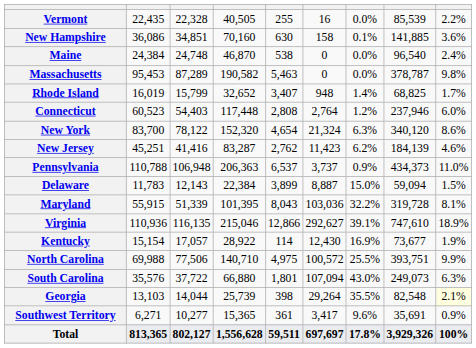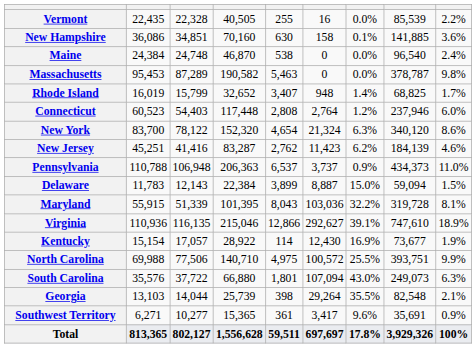 <table class="wikitable sortable" style="text-align:center;">
 <tr>
 <th scope="col" style="width:10em;"></th>
 <th scope="col"></th>
 <th scope="col"></th>
 <th scope="col"></th>
 <th scope="col"></th>
 <th scope="col" data-sort-type="number"></th>
 <th scope="col" data-sort-type="number"></th>
 <th scope="col" data-sort-type="number"></th>
 <th scope="col" data-sort-type="number"></th>
 </tr>
 <tr>
 <th scope="row"><a href='#'>Vermont</a></th>
 <td>22,435</td>
 <td>22,328</td>
 <td>40,505</td>
 <td>255</td>
 <td>16</td>
 <td>0.0%</td>
 <td>85,539</td>
 <td>2.2%</td>
 </tr>
 <tr>
 <th scope="row"><a href='#'>New Hampshire</a></th>
 <td>36,086</td>
 <td>34,851</td>
 <td>70,160</td>
 <td>630</td>
 <td>158</td>
 <td>0.1%</td>
 <td>141,885</td>
 <td>3.6%</td>
 </tr>
 <tr>
 <th scope="row"><a href='#'>Maine</a></th>
 <td>24,384</td>
 <td>24,748</td>
 <td>46,870</td>
 <td>538</td>
 <td>0</td>
 <td>0.0%</td>
 <td>96,540</td>
 <td>2.4%</td>
 </tr>
 <tr>
 <th scope="row"><a href='#'>Massachusetts</a></th>
 <td>95,453</td>
 <td>87,289</td>
 <td>190,582</td>
 <td>5,463</td>
 <td>0</td>
 <td>0.0%</td>
 <td>378,787</td>
 <td>9.8%</td>
 </tr>
 <tr>
 <th scope="row"><a href='#'>Rhode Island</a></th>
 <td>16,019</td>
 <td>15,799</td>
 <td>32,652</td>
 <td>3,407</td>
 <td>948</td>
 <td>1.4%</td>
 <td>68,825</td>
 <td>1.7%</td>
 </tr>
 <tr>
 <th scope="row"><a href='#'>Connecticut</a></th>
 <td>60,523</td>
 <td>54,403</td>
 <td>117,448</td>
 <td>2,808</td>
 <td>2,764</td>
 <td>1.2%</td>
 <td>237,946</td>
 <td>6.0%</td>
 </tr>
 <tr>
 <th scope="row"><a href='#'>New York</a></th>
 <td>83,700</td>
 <td>78,122</td>
 <td>152,320</td>
 <td>4,654</td>
 <td>21,324</td>
 <td>6.3%</td>
 <td>340,120</td>
 <td>8.6%</td>
 </tr>
 <tr>
 <th scope="row"><a href='#'>New Jersey</a></th>
 <td>45,251</td>
 <td>41,416</td>
 <td>83,287</td>
 <td>2,762</td>
 <td>11,423</td>
 <td>6.2%</td>
 <td>184,139</td>
 <td>4.6%</td>
 </tr>
 <tr>
 <th scope="row"><a href='#'>Pennsylvania</a></th>
 <td>110,788</td>
 <td>106,948</td>
 <td>206,363</td>
 <td>6,537</td>
 <td>3,737</td>
 <td>0.9%</td>
 <td>434,373</td>
 <td>11.0%</td>
 </tr>
 <tr>
 <th scope="row"><a href='#'>Delaware</a></th>
 <td>11,783</td>
 <td>12,143</td>
 <td>22,384</td>
 <td>3,899</td>
 <td>8,887</td>
 <td>15.0%</td>
 <td>59,094</td>
 <td>1.5%</td>
 </tr>
 <tr>
 <th scope="row"><a href='#'>Maryland</a></th>
 <td>55,915</td>
 <td>51,339</td>
 <td>101,395</td>
 <td>8,043</td>
 <td>103,036</td>
 <td>32.2%</td>
 <td>319,728</td>
 <td>8.1%</td>
 </tr>
 <tr>
 <th scope="row"><a href='#'>Virginia</a></th>
 <td>110,936</td>
 <td>116,135</td>
 <td>215,046</td>
 <td>12,866</td>
 <td>292,627</td>
 <td>39.1%</td>
 <td>747,610</td>
 <td>18.9%</td>
 </tr>
 <tr>
 <th scope="row"><a href='#'>Kentucky</a></th>
 <td>15,154</td>
 <td>17,057</td>
 <td>28,922</td>
 <td>114</td>
 <td>12,430</td>
 <td>16.9%</td>
 <td>73,677</td>
 <td>1.9%</td>
 </tr>
 <tr>
 <th scope="row"><a href='#'>North Carolina</a></th>
 <td>69,988</td>
 <td>77,506</td>
 <td>140,710</td>
 <td>4,975</td>
 <td>100,572</td>
 <td>25.5%</td>
 <td>393,751</td>
 <td>9.9%</td>
 </tr>
 <tr>
 <th scope="row"><a href='#'>South Carolina</a></th>
 <td>35,576</td>
 <td>37,722</td>
 <td>66,880</td>
 <td>1,801</td>
 <td>107,094</td>
 <td>43.0%</td>
 <td>249,073</td>
 <td>6.3%</td>
 </tr>
 <tr>
 <th scope="row"><a href='#'>Georgia</a></th>
 <td>13,103</td>
 <td>14,044</td>
 <td>25,739</td>
 <td>398</td>
 <td>29,264</td>
 <td>35.5%</td>
 <td>82,548</td>
-<td style="background: lightyellow;">2.1%</td>
+<td>2.1%</td>
 </tr>
 <tr>
 <th scope="row"><a href='#'>Southwest Territory</a></th>
 <td>6,271</td>
 <td>10,277</td>
 <td>15,365</td>
 <td>361</td>
 <td>3,417</td>
 <td>9.6%</td>
 <td>35,691</td>
 <td>0.9%</td>
 </tr>
 <tr style="background:#EAECF0;" class="sortbottom">
 <th scope="row">Total</th>
 <td><strong>813,365</strong></td>
 <td><strong>802,127</strong></td>
 <td><strong>1,556,628</strong></td>
 <td><strong>59,511</strong></td>
 <td><strong>697,697</strong></td>
 <td><strong>17.8%</strong></td>
 <td><strong>3,929,326</strong></td>
 <td><strong>100%</strong></td>
 </tr>
 </table>
